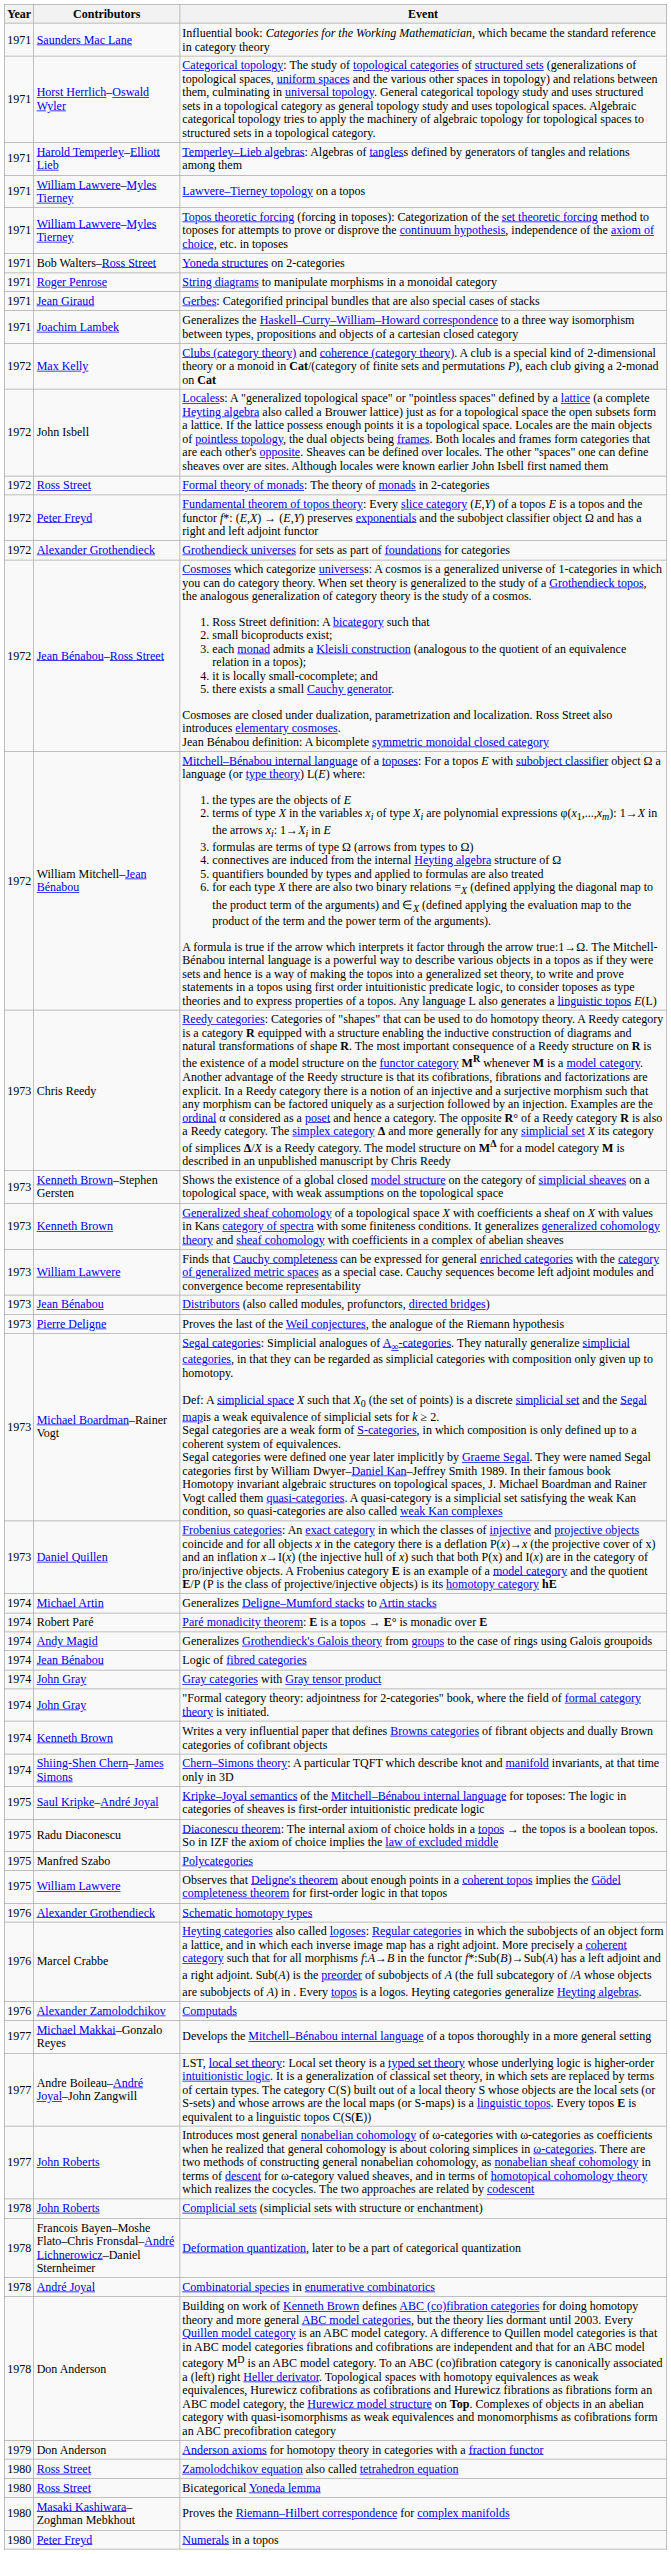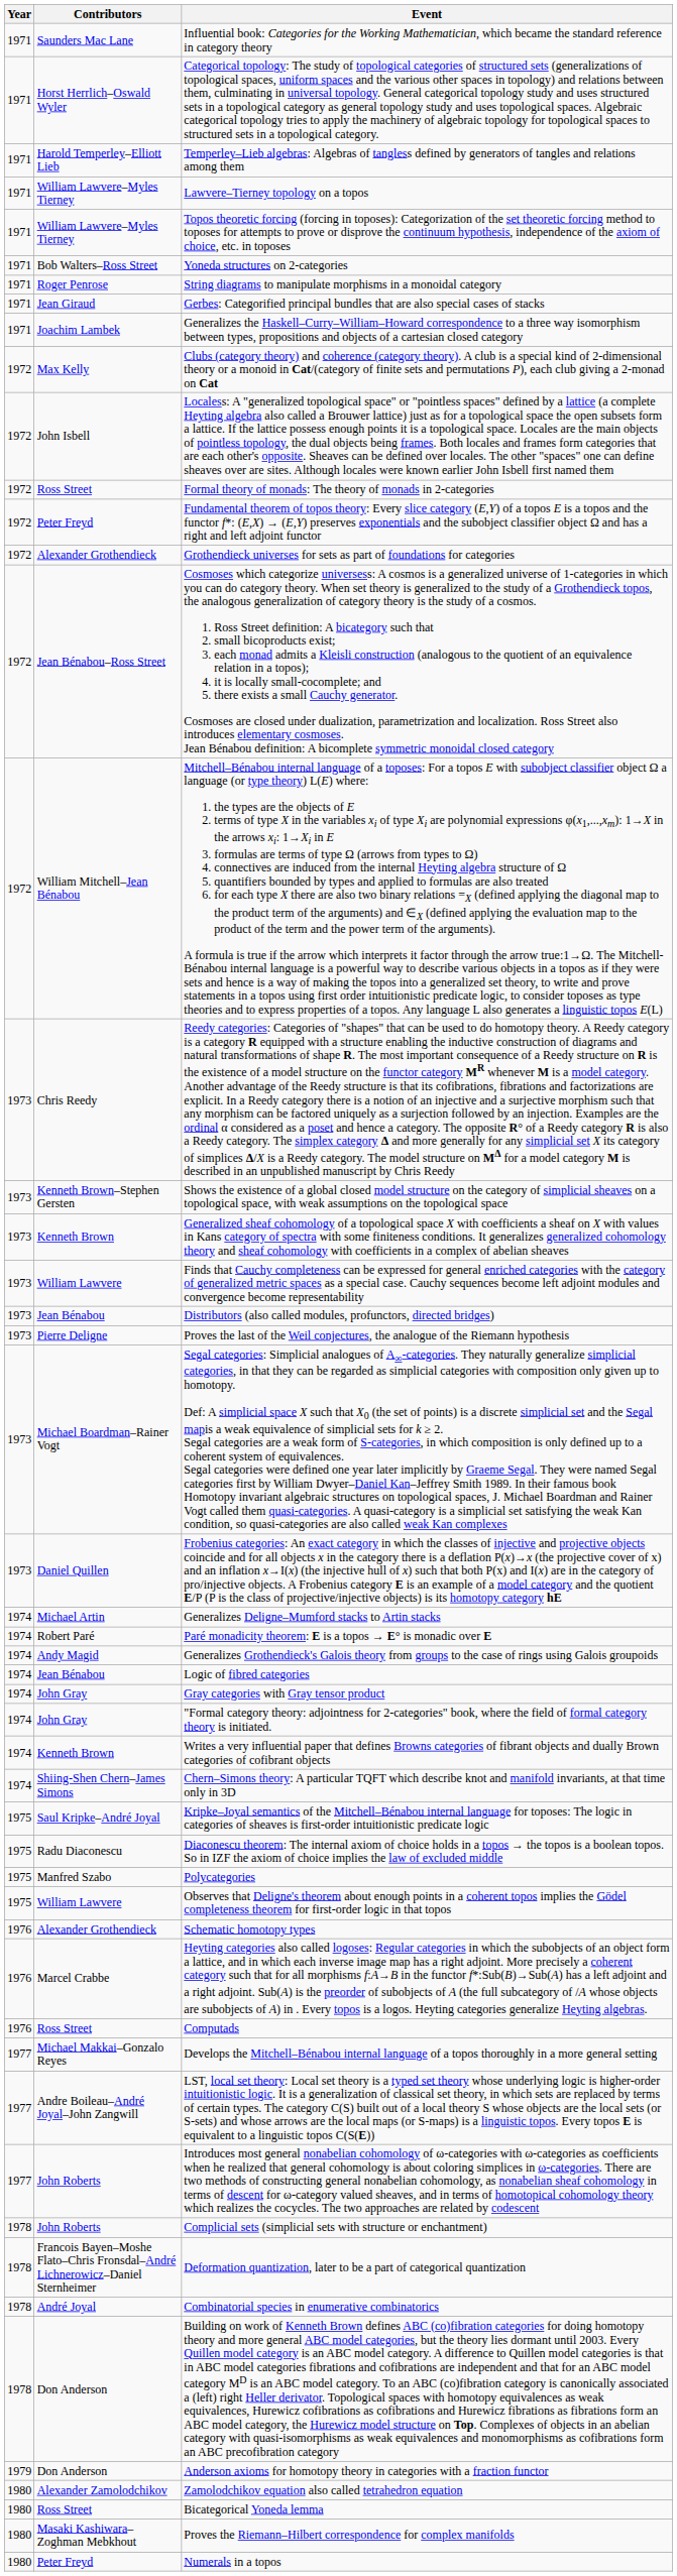 <table class="wikitable sortable" width="100%">
 <tr>
 <th>Year</th>
 <th style="width:22%">Contributors</th>
 <th>Event</th>
 </tr>
 <tr>
 <td>1971</td>
 <td><a href='#'>Saunders Mac Lane</a></td>
 <td>Influential book: <em>Categories for the Working Mathematician</em>, which became the standard reference in category theory</td>
 </tr>
 <tr>
 <td>1971</td>
 <td><a href='#'>Horst Herrlich</a>–<a href='#'>Oswald Wyler</a></td>
 <td><a href='#'>Categorical topology</a>: The study of <a href='#'>topological categories</a> of <a href='#'>structured sets</a> (generalizations of topological spaces, <a href='#'>uniform spaces</a> and the various other spaces in topology) and relations between them, culminating in <a href='#'>universal topology</a>. General categorical topology study and uses structured sets in a topological category as general topology study and uses topological spaces. Algebraic categorical topology tries to apply the machinery of algebraic topology for topological spaces to structured sets in a topological category.</td>
 </tr>
 <tr>
 <td>1971</td>
 <td><a href='#'>Harold Temperley</a>–<a href='#'>Elliott Lieb</a></td>
 <td><a href='#'>Temperley–Lieb algebras</a>: Algebras of <a href='#'>tangles</a>s defined by generators of tangles and relations among them</td>
 </tr>
 <tr>
 <td>1971</td>
 <td><a href='#'>William Lawvere</a>–<a href='#'>Myles Tierney</a></td>
 <td><a href='#'>Lawvere–Tierney topology</a> on a topos</td>
 </tr>
 <tr>
 <td>1971</td>
 <td><a href='#'>William Lawvere</a>–<a href='#'>Myles Tierney</a></td>
 <td><a href='#'>Topos theoretic forcing</a> (forcing in toposes): Categorization of the <a href='#'>set theoretic forcing</a> method to toposes for attempts to prove or disprove the <a href='#'>continuum hypothesis</a>, independence of the <a href='#'>axiom of choice</a>, etc. in toposes</td>
 </tr>
 <tr>
 <td>1971</td>
 <td>Bob Walters–<a href='#'>Ross Street</a></td>
 <td><a href='#'>Yoneda structures</a> on 2-categories</td>
 </tr>
 <tr>
 <td>1971</td>
 <td><a href='#'>Roger Penrose</a></td>
 <td><a href='#'>String diagrams</a> to manipulate morphisms in a monoidal category</td>
 </tr>
 <tr>
 <td>1971</td>
 <td><a href='#'>Jean Giraud</a></td>
 <td><a href='#'>Gerbes</a>: Categorified principal bundles that are also special cases of stacks</td>
 </tr>
 <tr>
 <td>1971</td>
 <td><a href='#'>Joachim Lambek</a></td>
 <td>Generalizes the <a href='#'>Haskell–Curry–William–Howard correspondence</a> to a three way isomorphism between types, propositions and objects of a cartesian closed category</td>
 </tr>
 <tr>
 <td>1972</td>
 <td><a href='#'>Max Kelly</a></td>
 <td><a href='#'>Clubs (category theory)</a> and <a href='#'>coherence (category theory)</a>. A club is a special kind of 2-dimensional theory or a monoid in <strong>Cat</strong>/(category of finite sets and permutations <em>P</em>), each club giving a 2-monad on <strong>Cat</strong></td>
 </tr>
 <tr>
 <td>1972</td>
 <td>John Isbell</td>
 <td><a href='#'>Locales</a>s: A "generalized topological space" or "pointless spaces" defined by a <a href='#'>lattice</a> (a complete <a href='#'>Heyting algebra</a> also called a Brouwer lattice) just as for a topological space the open subsets form a lattice. If the lattice possess enough points it is a topological space. Locales are the main objects of <a href='#'>pointless topology</a>, the dual objects being <a href='#'>frames</a>. Both locales and frames form categories that are each other's <a href='#'>opposite</a>. Sheaves can be defined over locales. The other "spaces" one can define sheaves over are sites. Although locales were known earlier John Isbell first named them</td>
 </tr>
 <tr>
 <td>1972</td>
 <td><a href='#'>Ross Street</a></td>
 <td><a href='#'>Formal theory of monads</a>: The theory of <a href='#'>monads</a> in 2-categories</td>
 </tr>
 <tr>
 <td>1972</td>
 <td><a href='#'>Peter Freyd</a></td>
 <td><a href='#'>Fundamental theorem of topos theory</a>: Every <a href='#'>slice category</a> (<em>E</em>,<em>Y</em>) of a topos <em>E</em> is a topos and the functor <em>f</em>*: (<em>E</em>,<em>X</em>) → (<em>E</em>,<em>Y</em>) preserves <a href='#'>exponentials</a> and the subobject classifier object Ω and has a right and left adjoint functor</td>
 </tr>
 <tr>
 <td>1972</td>
 <td><a href='#'>Alexander Grothendieck</a></td>
 <td><a href='#'>Grothendieck universes</a> for sets as part of <a href='#'>foundations</a> for categories</td>
 </tr>
 <tr>
 <td>1972</td>
 <td><a href='#'>Jean Bénabou</a>–<a href='#'>Ross Street</a></td>
 <td><a href='#'>Cosmoses</a> which categorize <a href='#'>universes</a>s: A cosmos is a generalized universe of 1-categories in which you can do category theory. When set theory is generalized to the study of a <a href='#'>Grothendieck topos</a>, the analogous generalization of category theory is the study of a cosmos.<br><ol><li>Ross Street definition: A <a href='#'>bicategory</a> such that</li><li>small bicoproducts exist;</li><li>each <a href='#'>monad</a> admits a <a href='#'>Kleisli construction</a> (analogous to the quotient of an equivalence relation in a topos);</li><li>it is locally small-cocomplete; and</li><li>there exists a small <a href='#'>Cauchy generator</a>.</li></ol>Cosmoses are closed under dualization, parametrization and localization. Ross Street also introduces <a href='#'>elementary cosmoses</a>.<br>Jean Bénabou definition: A bicomplete <a href='#'>symmetric monoidal closed category</a></td>
 </tr>
 <tr>
 <td>1972</td>
 <td>William Mitchell–<a href='#'>Jean Bénabou</a></td>
 <td><a href='#'>Mitchell–Bénabou internal language</a> of a <a href='#'>toposes</a>: For a topos <em>E</em> with <a href='#'>subobject classifier</a> object Ω a language (or <a href='#'>type theory</a>) L(<em>E</em>) where:<br><ol><li>the types are the objects of <em>E</em></li><li>terms of type <em>X</em> in the variables <em>x</em><sub><em>i</em></sub> of type <em>X</em><sub><em>i</em></sub> are polynomial expressions φ(<em>x</em><sub>1</sub>,...,<em>x</em><sub><em>m</em></sub>): 1→<em>X</em> in the arrows <em>x</em><sub><em>i</em></sub>: 1→<em>X</em><sub><em>i</em></sub> in <em>E</em></li><li>formulas are terms of type Ω (arrows from types to Ω)</li><li>connectives are induced from the internal <a href='#'>Heyting algebra</a> structure of Ω</li><li>quantifiers bounded by types and applied to formulas are also treated</li><li>for each type <em>X</em> there are also two binary relations =<sub><em>X</em></sub> (defined applying the diagonal map to the product term of the arguments) and ∈<sub><em>X</em></sub> (defined applying the evaluation map to the product of the term and the power term of the arguments).</li></ol>A formula is true if the arrow which interprets it factor through the arrow true:1→Ω. The Mitchell-Bénabou internal language is a powerful way to describe various objects in a topos as if they were sets and hence is a way of making the topos into a generalized set theory, to write and prove statements in a topos using first order intuitionistic predicate logic, to consider toposes as type theories and to express properties of a topos. Any language L also generates a <a href='#'>linguistic topos</a> <em>E</em>(L)</td>
 </tr>
 <tr>
 <td>1973</td>
 <td>Chris Reedy</td>
 <td><a href='#'>Reedy categories</a>: Categories of "shapes" that can be used to do homotopy theory. A Reedy category is a category <strong>R</strong> equipped with a structure enabling the inductive construction of diagrams and natural transformations of shape <strong>R</strong>. The most important consequence of a Reedy structure on <strong>R</strong> is the existence of a model structure on the <a href='#'>functor category</a> <strong>M</strong><sup><strong>R</strong></sup> whenever <strong>M</strong> is a <a href='#'>model category</a>. Another advantage of the Reedy structure is that its cofibrations, fibrations and factorizations are explicit. In a Reedy category there is a notion of an injective and a surjective morphism such that any morphism can be factored uniquely as a surjection followed by an injection. Examples are the <a href='#'>ordinal</a> α considered as a <a href='#'>poset</a> and hence a category. The opposite <strong>R</strong>° of a Reedy category <strong>R</strong> is also a Reedy category. The <a href='#'>simplex category</a> <strong>Δ</strong> and more generally for any <a href='#'>simplicial set</a> <em>X</em> its category of simplices <strong>Δ</strong>/<em>X</em> is a Reedy category. The model structure on <strong>M</strong><sup><strong>Δ</strong></sup> for a model category <strong>M</strong> is described in an unpublished manuscript by Chris Reedy</td>
 </tr>
 <tr>
 <td>1973</td>
 <td><a href='#'>Kenneth Brown</a>–Stephen Gersten</td>
 <td>Shows the existence of a global closed <a href='#'>model structure</a> on the category of <a href='#'>simplicial sheaves</a> on a topological space, with weak assumptions on the topological space</td>
 </tr>
 <tr>
 <td>1973</td>
 <td><a href='#'>Kenneth Brown</a></td>
 <td><a href='#'>Generalized sheaf cohomology</a> of a topological space <em>X</em> with coefficients a sheaf on <em>X</em> with values in Kans <a href='#'>category of spectra</a> with some finiteness conditions. It generalizes <a href='#'>generalized cohomology theory</a> and <a href='#'>sheaf cohomology</a> with coefficients in a complex of abelian sheaves</td>
 </tr>
 <tr>
 <td>1973</td>
 <td><a href='#'>William Lawvere</a></td>
 <td>Finds that <a href='#'>Cauchy completeness</a> can be expressed for general <a href='#'>enriched categories</a> with the <a href='#'>category of generalized metric spaces</a> as a special case. Cauchy sequences become left adjoint modules and convergence become representability</td>
 </tr>
 <tr>
 <td>1973</td>
 <td><a href='#'>Jean Bénabou</a></td>
 <td><a href='#'>Distributors</a> (also called modules, profunctors, <a href='#'>directed bridges</a>)</td>
 </tr>
 <tr>
 <td>1973</td>
 <td><a href='#'>Pierre Deligne</a></td>
 <td>Proves the last of the <a href='#'>Weil conjectures</a>, the analogue of the Riemann hypothesis</td>
 </tr>
 <tr>
 <td>1973</td>
 <td><a href='#'>Michael Boardman</a>–Rainer Vogt</td>
 <td><a href='#'>Segal categories</a>: Simplicial analogues of <a href='#'>A</a><sub><a href='#'>∞</a></sub><a href='#'>-categories</a>. They naturally generalize <a href='#'>simplicial categories</a>, in that they can be regarded as simplicial categories with composition only given up to homotopy.<br><br>Def: A <a href='#'>simplicial space</a> <em>X</em> such that <em>X</em><sub>0</sub> (the set of points) is a discrete <a href='#'>simplicial set</a> and the <a href='#'>Segal map</a>is a weak equivalence of simplicial sets for <em>k</em> ≥ 2.<br>Segal categories are a weak form of <a href='#'>S-categories</a>, in which composition is only defined up to a coherent system of equivalences.<br> Segal categories were defined one year later implicitly by <a href='#'>Graeme Segal</a>. They were named Segal categories first by William Dwyer–<a href='#'>Daniel Kan</a>–Jeffrey Smith 1989. In their famous book Homotopy invariant algebraic structures on topological spaces, J. Michael Boardman and Rainer Vogt called them <a href='#'>quasi-categories</a>. A quasi-category is a simplicial set satisfying the weak Kan condition, so quasi-categories are also called <a href='#'>weak Kan complexes</a></td>
 </tr>
 <tr>
 <td>1973</td>
 <td><a href='#'>Daniel Quillen</a></td>
 <td><a href='#'>Frobenius categories</a>: An <a href='#'>exact category</a> in which the classes of <a href='#'>injective</a> and <a href='#'>projective objects</a> coincide and for all objects <em>x</em> in the category there is a deflation P(<em>x</em>)→<em>x</em> (the projective cover of x) and an inflation <em>x</em>→I(<em>x</em>) (the injective hull of <em>x</em>) such that both P(x) and I(<em>x</em>) are in the category of pro/injective objects. A Frobenius category <strong>E</strong> is an example of a <a href='#'>model category</a> and the quotient <strong>E</strong>/P (P is the class of projective/injective objects) is its <a href='#'>homotopy category</a> <strong>hE</strong></td>
 </tr>
 <tr>
 <td>1974</td>
 <td><a href='#'>Michael Artin</a></td>
 <td>Generalizes <a href='#'>Deligne–Mumford stacks</a> to <a href='#'>Artin stacks</a></td>
 </tr>
 <tr>
 <td>1974</td>
 <td>Robert Paré</td>
 <td><a href='#'>Paré monadicity theorem</a>: <strong>E</strong> is a topos → <strong>E</strong>° is monadic over <strong>E</strong></td>
 </tr>
 <tr>
 <td>1974</td>
 <td><a href='#'>Andy Magid</a></td>
 <td>Generalizes <a href='#'>Grothendieck's Galois theory</a> from <a href='#'>groups</a> to the case of rings using Galois groupoids</td>
 </tr>
 <tr>
 <td>1974</td>
 <td><a href='#'>Jean Bénabou</a></td>
 <td>Logic of <a href='#'>fibred categories</a></td>
 </tr>
 <tr>
 <td>1974</td>
 <td><a href='#'>John Gray</a></td>
 <td><a href='#'>Gray categories</a> with <a href='#'>Gray tensor product</a></td>
 </tr>
 <tr>
 <td>1974</td>
 <td><a href='#'>John Gray</a></td>
 <td>"Formal category theory: adjointness for 2-categories" book, where the field of <a href='#'>formal category theory</a> is initiated.</td>
 </tr>
 <tr>
 <td>1974</td>
 <td><a href='#'>Kenneth Brown</a></td>
 <td>Writes a very influential paper that defines <a href='#'>Browns categories</a> of fibrant objects and dually Brown categories of cofibrant objects</td>
 </tr>
 <tr>
 <td>1974</td>
 <td><a href='#'>Shiing-Shen Chern</a>–<a href='#'>James Simons</a></td>
 <td><a href='#'>Chern–Simons theory</a>: A particular TQFT which describe knot and <a href='#'>manifold</a> invariants, at that time only in 3D</td>
 </tr>
 <tr>
 <td>1975</td>
 <td><a href='#'>Saul Kripke</a>–<a href='#'>André Joyal</a></td>
 <td><a href='#'>Kripke–Joyal semantics</a> of the <a href='#'>Mitchell–Bénabou internal language</a> for toposes: The logic in categories of sheaves is first-order intuitionistic predicate logic</td>
 </tr>
 <tr>
 <td>1975</td>
 <td>Radu Diaconescu</td>
 <td><a href='#'>Diaconescu theorem</a>: The internal axiom of choice holds in a <a href='#'>topos</a> → the topos is a boolean topos. So in IZF the axiom of choice implies the <a href='#'>law of excluded middle</a></td>
 </tr>
 <tr>
 <td>1975</td>
 <td>Manfred Szabo</td>
 <td><a href='#'>Polycategories</a></td>
 </tr>
 <tr>
 <td>1975</td>
 <td><a href='#'>William Lawvere</a></td>
 <td>Observes that <a href='#'>Deligne's theorem</a> about enough points in a <a href='#'>coherent topos</a> implies the <a href='#'>Gödel completeness theorem</a> for first-order logic in that topos</td>
 </tr>
 <tr>
 <td>1976</td>
 <td><a href='#'>Alexander Grothendieck</a></td>
 <td><a href='#'>Schematic homotopy types</a></td>
 </tr>
 <tr>
 <td>1976</td>
 <td>Marcel Crabbe</td>
 <td><a href='#'>Heyting categories</a> also called <a href='#'>logoses</a>: <a href='#'>Regular categories</a> in which the subobjects of an object form a lattice, and in which each inverse image map has a right adjoint. More precisely a <a href='#'>coherent category</a>  such that for all morphisms <em>f</em>:<em>A</em>→<em>B</em> in  the functor <em>f</em>*:Sub<sub></sub>(<em>B</em>)→Sub<sub></sub>(<em>A</em>) has a left adjoint and a right adjoint. Sub<sub></sub>(<em>A</em>) is the <a href='#'>preorder</a> of subobjects of <em>A</em> (the full subcategory of /<em>A</em> whose objects are subobjects of <em>A</em>) in . Every <a href='#'>topos</a> is a logos. Heyting categories generalize <a href='#'>Heyting algebras</a>.</td>
 </tr>
 <tr>
 <td>1976</td>
-<td><a href='#'>Alexander Zamolodchikov</a></td>
+<td><a href='#'>Ross Street</a></td>
 <td><a href='#'>Computads</a></td>
 </tr>
 <tr>
 <td>1977</td>
 <td><a href='#'>Michael Makkai</a>–Gonzalo Reyes</td>
 <td>Develops the <a href='#'>Mitchell–Bénabou internal language</a> of a topos thoroughly in a more general setting</td>
 </tr>
 <tr>
 <td>1977</td>
 <td>Andre Boileau–<a href='#'>André Joyal</a>–John Zangwill</td>
 <td>LST, <a href='#'>local set theory</a>: Local set theory is a <a href='#'>typed set theory</a> whose underlying logic is higher-order <a href='#'>intuitionistic logic</a>. It is a generalization of classical set theory, in which sets are replaced by terms of certain types. The category C(S) built out of a local theory S whose objects are the local sets (or S-sets) and whose arrows are the local maps (or S-maps) is a <a href='#'>linguistic topos</a>. Every topos <strong>E</strong> is equivalent to a linguistic topos C(S(<strong>E</strong>))</td>
 </tr>
 <tr>
 <td>1977</td>
 <td><a href='#'>John Roberts</a></td>
 <td>Introduces most general <a href='#'>nonabelian cohomology</a> of ω-categories with ω-categories as coefficients when he realized that general cohomology is about coloring simplices in <a href='#'>ω-categories</a>. There are two methods of constructing general nonabelian cohomology, as <a href='#'>nonabelian sheaf cohomology</a> in terms of <a href='#'>descent</a> for ω-category valued sheaves, and in terms of <a href='#'>homotopical cohomology theory</a> which realizes the cocycles. The two approaches are related by <a href='#'>codescent</a></td>
 </tr>
 <tr>
 <td>1978</td>
 <td><a href='#'>John Roberts</a></td>
 <td><a href='#'>Complicial sets</a> (simplicial sets with structure or enchantment)</td>
 </tr>
 <tr>
 <td>1978</td>
 <td>Francois Bayen–Moshe Flato–Chris Fronsdal–<a href='#'>André Lichnerowicz</a>–Daniel Sternheimer</td>
 <td><a href='#'>Deformation quantization</a>, later to be a part of categorical quantization</td>
 </tr>
 <tr>
 <td>1978</td>
 <td><a href='#'>André Joyal</a></td>
 <td><a href='#'>Combinatorial species</a> in <a href='#'>enumerative combinatorics</a></td>
 </tr>
 <tr>
 <td>1978</td>
 <td>Don Anderson</td>
 <td>Building on work of <a href='#'>Kenneth Brown</a> defines <a href='#'>ABC (co)fibration categories</a> for doing homotopy theory and more general <a href='#'>ABC model categories</a>, but the theory lies dormant until 2003. Every <a href='#'>Quillen model category</a> is an ABC model category. A difference to Quillen model categories is that in ABC model categories fibrations and cofibrations are independent and that for an ABC model category M<sup>D</sup> is an ABC model category. To an ABC (co)fibration category is canonically associated a (left) right <a href='#'>Heller derivator</a>. Topological spaces with homotopy equivalences as weak equivalences, Hurewicz cofibrations as cofibrations and Hurewicz fibrations as fibrations form an ABC model category, the <a href='#'>Hurewicz model structure</a> on <strong>Top</strong>. Complexes of objects in an abelian category with quasi-isomorphisms as weak equivalences and monomorphisms as cofibrations form an ABC precofibration category</td>
 </tr>
 <tr>
 <td>1979</td>
 <td>Don Anderson</td>
 <td><a href='#'>Anderson axioms</a> for homotopy theory in categories with a <a href='#'>fraction functor</a></td>
 </tr>
 <tr>
 <td>1980</td>
-<td><a href='#'>Ross Street</a></td>
+<td><a href='#'>Alexander Zamolodchikov</a></td>
 <td><a href='#'>Zamolodchikov equation</a> also called <a href='#'>tetrahedron equation</a></td>
 </tr>
 <tr>
 <td>1980</td>
 <td><a href='#'>Ross Street</a></td>
 <td>Bicategorical <a href='#'>Yoneda lemma</a></td>
 </tr>
 <tr>
 <td>1980</td>
 <td><a href='#'>Masaki Kashiwara</a>–Zoghman Mebkhout</td>
 <td>Proves the <a href='#'>Riemann–Hilbert correspondence</a> for <a href='#'>complex manifolds</a></td>
 </tr>
 <tr>
 <td>1980</td>
 <td><a href='#'>Peter Freyd</a></td>
 <td><a href='#'>Numerals</a> in a topos</td>
 </tr>
 </table>
